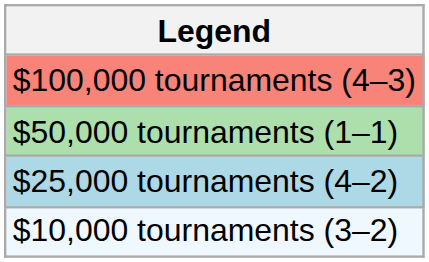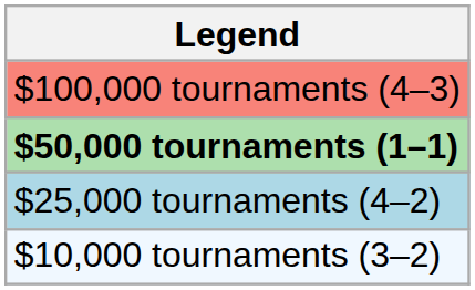 <table class=wikitable style=font-size:85%>
 <tr>
 <th>Legend</th>
 </tr>
 <tr style=background:#f88379>
 <td>$100,000 tournaments (4–3)</td>
 </tr>
 <tr style="background:#addfad">
-<td>$50,000 tournaments (1–1)</td>
+<td><strong>$50,000 tournaments (1–1)</strong></td>
 </tr>
 <tr style="background:lightblue">
 <td>$25,000 tournaments (4–2)</td>
 </tr>
 <tr style="background:#f0f8ff">
 <td>$10,000 tournaments (3–2)</td>
 </tr>
 </table>
